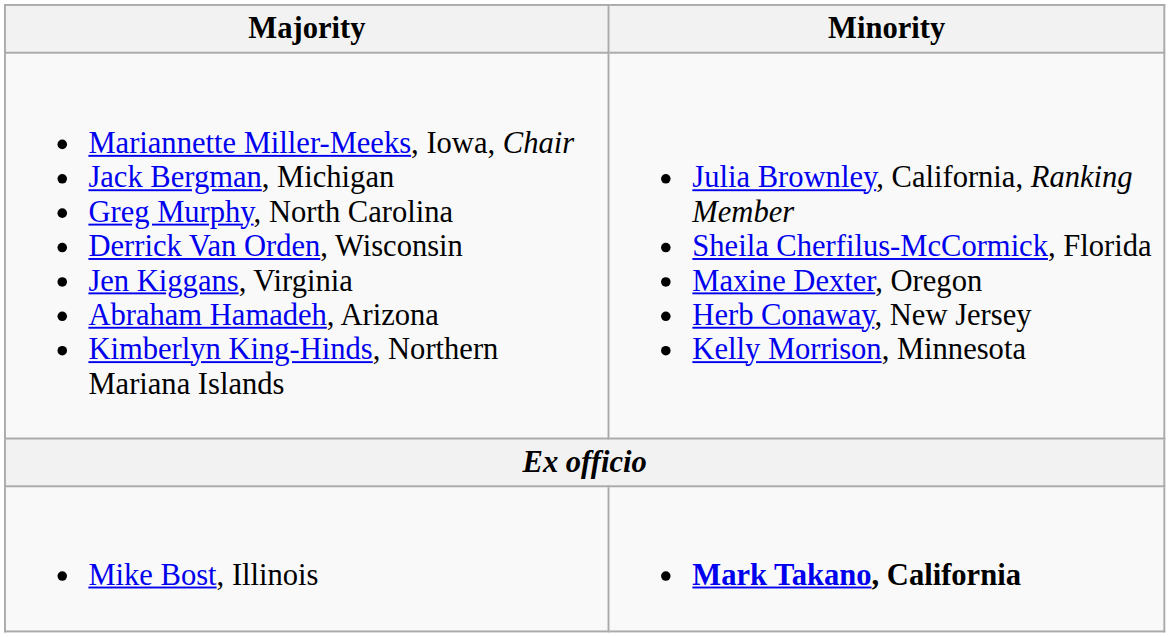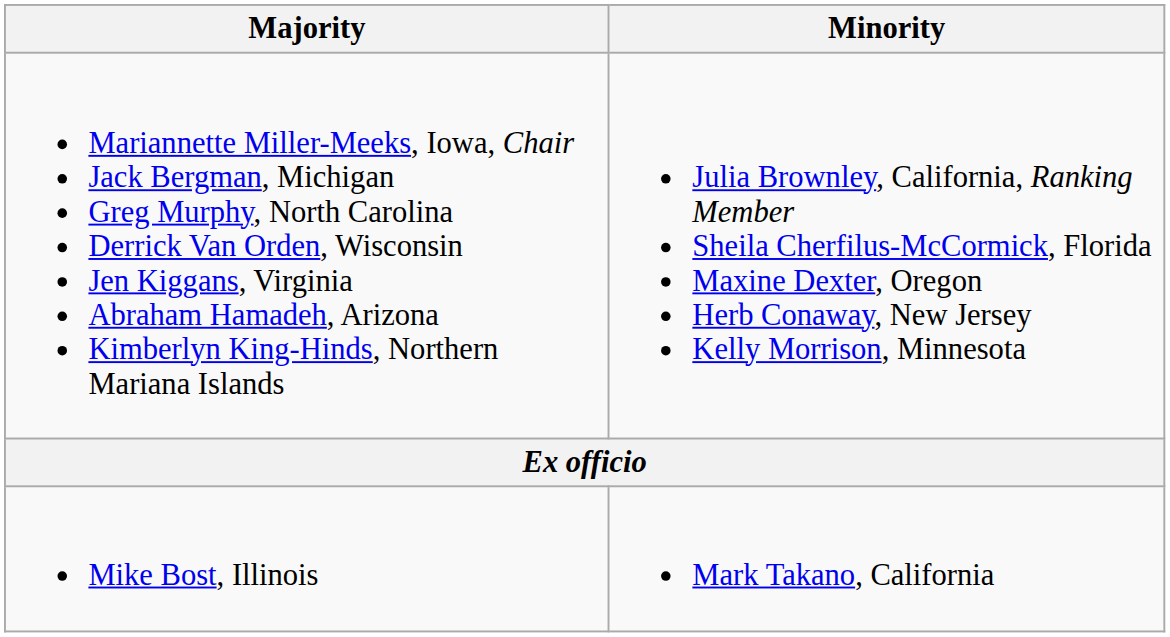 <table class=wikitable>
 <tr>
 <th>Majority</th>
 <th>Minority</th>
 </tr>
 <tr>
 <td><br><ul><li><a href='#'>Mariannette Miller-Meeks</a>, Iowa, <em>Chair</em></li><li><a href='#'>Jack Bergman</a>, Michigan</li><li><a href='#'>Greg Murphy</a>, North Carolina</li><li><a href='#'>Derrick Van Orden</a>, Wisconsin</li><li><a href='#'>Jen Kiggans</a>, Virginia</li><li><a href='#'>Abraham Hamadeh</a>, Arizona</li><li><a href='#'>Kimberlyn King-Hinds</a>, Northern Mariana Islands</li></ul></td>
 <td><br><ul><li><a href='#'>Julia Brownley</a>, California, <em>Ranking Member</em></li><li><a href='#'>Sheila Cherfilus-McCormick</a>, Florida</li><li><a href='#'>Maxine Dexter</a>, Oregon</li><li><a href='#'>Herb Conaway</a>, New Jersey</li><li><a href='#'>Kelly Morrison</a>, Minnesota</li></ul></td>
 </tr>
 <tr>
 <th colspan=2><em>Ex officio</em></th>
 </tr>
 <tr>
 <td><br><ul><li><a href='#'>Mike Bost</a>, Illinois</li></ul></td>
-<td><strong><br><ul><li><a href='#'>Mark Takano</a>, California</li></ul></strong></td>
+<td><br><ul><li><a href='#'>Mark Takano</a>, California</li></ul></td>
 </tr>
 </table>
